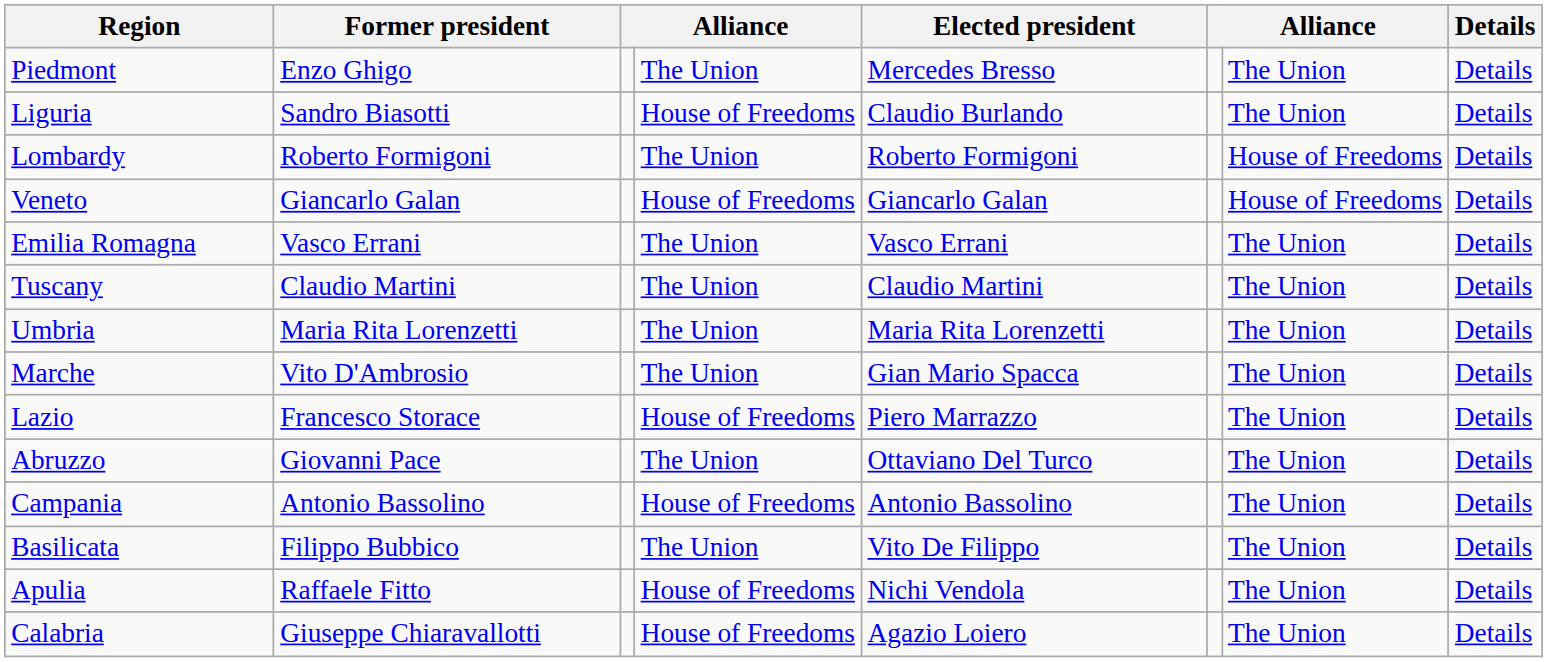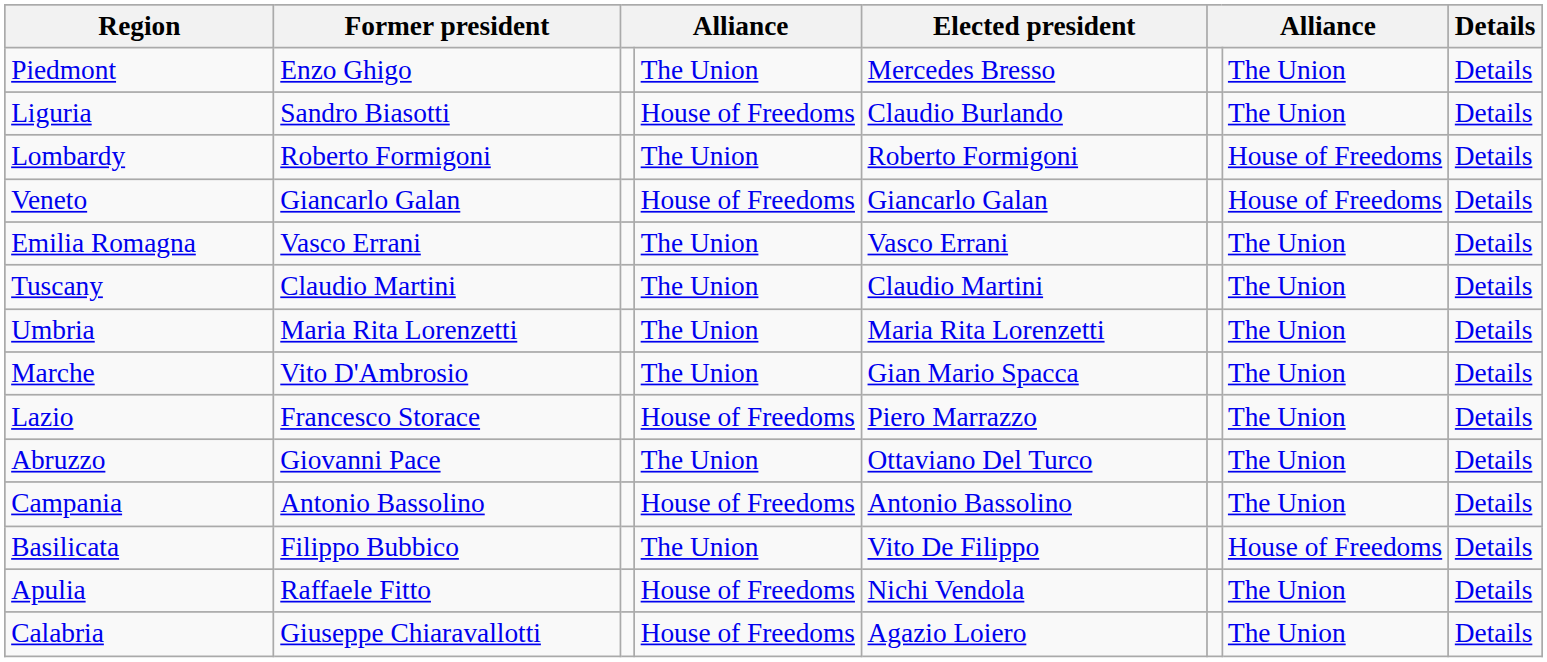 <table class="wikitable" style="valign:top;">
 <tr>
 <th style="width:150px;">Region</th>
 <th style="width:195px;">Former president</th>
 <th colspan=2 style="width:80px;">Alliance</th>
 <th style="width:195px;">Elected president</th>
 <th colspan=2 style="width:80px;">Alliance</th>
 <th>Details</th>
 </tr>
 <tr>
 <td><a href='#'>Piedmont</a></td>
 <td><a href='#'>Enzo Ghigo</a></td>
 <td width="1"></td>
 <td align="left"><a href='#'>The Union</a></td>
 <td><a href='#'>Mercedes Bresso</a></td>
 <td width="1"></td>
 <td align="left"><a href='#'>The Union</a></td>
 <td><a href='#'>Details</a></td>
 </tr>
 <tr>
 <td><a href='#'>Liguria</a></td>
 <td><a href='#'>Sandro Biasotti</a></td>
 <td width="1"></td>
 <td align="left"><a href='#'>House of Freedoms</a></td>
 <td><a href='#'>Claudio Burlando</a></td>
 <td width="1"></td>
 <td align="left"><a href='#'>The Union</a></td>
 <td><a href='#'>Details</a></td>
 </tr>
 <tr>
 <td><a href='#'>Lombardy</a></td>
 <td><a href='#'>Roberto Formigoni</a></td>
 <td width="1"></td>
 <td align="left"><a href='#'>The Union</a></td>
 <td><a href='#'>Roberto Formigoni</a></td>
 <td width="1"></td>
 <td align="left"><a href='#'>House of Freedoms</a></td>
 <td><a href='#'>Details</a></td>
 </tr>
 <tr>
 <td><a href='#'>Veneto</a></td>
 <td><a href='#'>Giancarlo Galan</a></td>
 <td width="1"></td>
 <td align="left"><a href='#'>House of Freedoms</a></td>
 <td><a href='#'>Giancarlo Galan</a></td>
 <td width="1"></td>
 <td align="left"><a href='#'>House of Freedoms</a></td>
 <td><a href='#'>Details</a></td>
 </tr>
 <tr>
 <td><a href='#'>Emilia Romagna</a></td>
 <td><a href='#'>Vasco Errani</a></td>
 <td width="1"></td>
 <td align="left"><a href='#'>The Union</a></td>
 <td><a href='#'>Vasco Errani</a></td>
 <td width="1"></td>
 <td align="left"><a href='#'>The Union</a></td>
 <td><a href='#'>Details</a></td>
 </tr>
 <tr>
 <td><a href='#'>Tuscany</a></td>
 <td><a href='#'>Claudio Martini</a></td>
 <td width="1"></td>
 <td align="left"><a href='#'>The Union</a></td>
 <td><a href='#'>Claudio Martini</a></td>
 <td width="1"></td>
 <td align="left"><a href='#'>The Union</a></td>
 <td><a href='#'>Details</a></td>
 </tr>
 <tr>
 <td><a href='#'>Umbria</a></td>
 <td><a href='#'>Maria Rita Lorenzetti</a></td>
 <td width="1"></td>
 <td align="left"><a href='#'>The Union</a></td>
 <td><a href='#'>Maria Rita Lorenzetti</a></td>
 <td width="1"></td>
 <td align="left"><a href='#'>The Union</a></td>
 <td><a href='#'>Details</a></td>
 </tr>
 <tr>
 <td><a href='#'>Marche</a></td>
 <td><a href='#'>Vito D'Ambrosio</a></td>
 <td width="1"></td>
 <td align="left"><a href='#'>The Union</a></td>
 <td><a href='#'>Gian Mario Spacca</a></td>
 <td width="1"></td>
 <td align="left"><a href='#'>The Union</a></td>
 <td><a href='#'>Details</a></td>
 </tr>
 <tr>
 <td><a href='#'>Lazio</a></td>
 <td><a href='#'>Francesco Storace</a></td>
 <td width="1"></td>
 <td align="left"><a href='#'>House of Freedoms</a></td>
 <td><a href='#'>Piero Marrazzo</a></td>
 <td width="1"></td>
 <td align="left"><a href='#'>The Union</a></td>
 <td><a href='#'>Details</a></td>
 </tr>
 <tr>
 <td><a href='#'>Abruzzo</a></td>
 <td><a href='#'>Giovanni Pace</a></td>
 <td width="1"></td>
 <td align="left"><a href='#'>The Union</a></td>
 <td><a href='#'>Ottaviano Del Turco</a></td>
 <td width="1"></td>
 <td align="left"><a href='#'>The Union</a></td>
 <td><a href='#'>Details</a></td>
 </tr>
 <tr>
 <td><a href='#'>Campania</a></td>
 <td><a href='#'>Antonio Bassolino</a></td>
 <td width="1"></td>
 <td align="left"><a href='#'>House of Freedoms</a></td>
 <td><a href='#'>Antonio Bassolino</a></td>
 <td width="1"></td>
 <td align="left"><a href='#'>The Union</a></td>
 <td><a href='#'>Details</a></td>
 </tr>
 <tr>
 <td><a href='#'>Basilicata</a></td>
 <td><a href='#'>Filippo Bubbico</a></td>
 <td width="1"></td>
 <td align="left"><a href='#'>The Union</a></td>
 <td><a href='#'>Vito De Filippo</a></td>
 <td width="1"></td>
-<td align="left"><a href='#'>The Union</a></td>
+<td align="left"><a href='#'>House of Freedoms</a></td>
 <td><a href='#'>Details</a></td>
 </tr>
 <tr>
 <td><a href='#'>Apulia</a></td>
 <td><a href='#'>Raffaele Fitto</a></td>
 <td width="1"></td>
 <td align="left"><a href='#'>House of Freedoms</a></td>
 <td><a href='#'>Nichi Vendola</a></td>
 <td width="1"></td>
 <td align="left"><a href='#'>The Union</a></td>
 <td><a href='#'>Details</a></td>
 </tr>
 <tr>
 <td><a href='#'>Calabria</a></td>
 <td><a href='#'>Giuseppe Chiaravallotti</a></td>
 <td width="1"></td>
 <td align="left"><a href='#'>House of Freedoms</a></td>
 <td><a href='#'>Agazio Loiero</a></td>
 <td width="1"></td>
 <td align="left"><a href='#'>The Union</a></td>
 <td><a href='#'>Details</a></td>
 </tr>
 </table>
